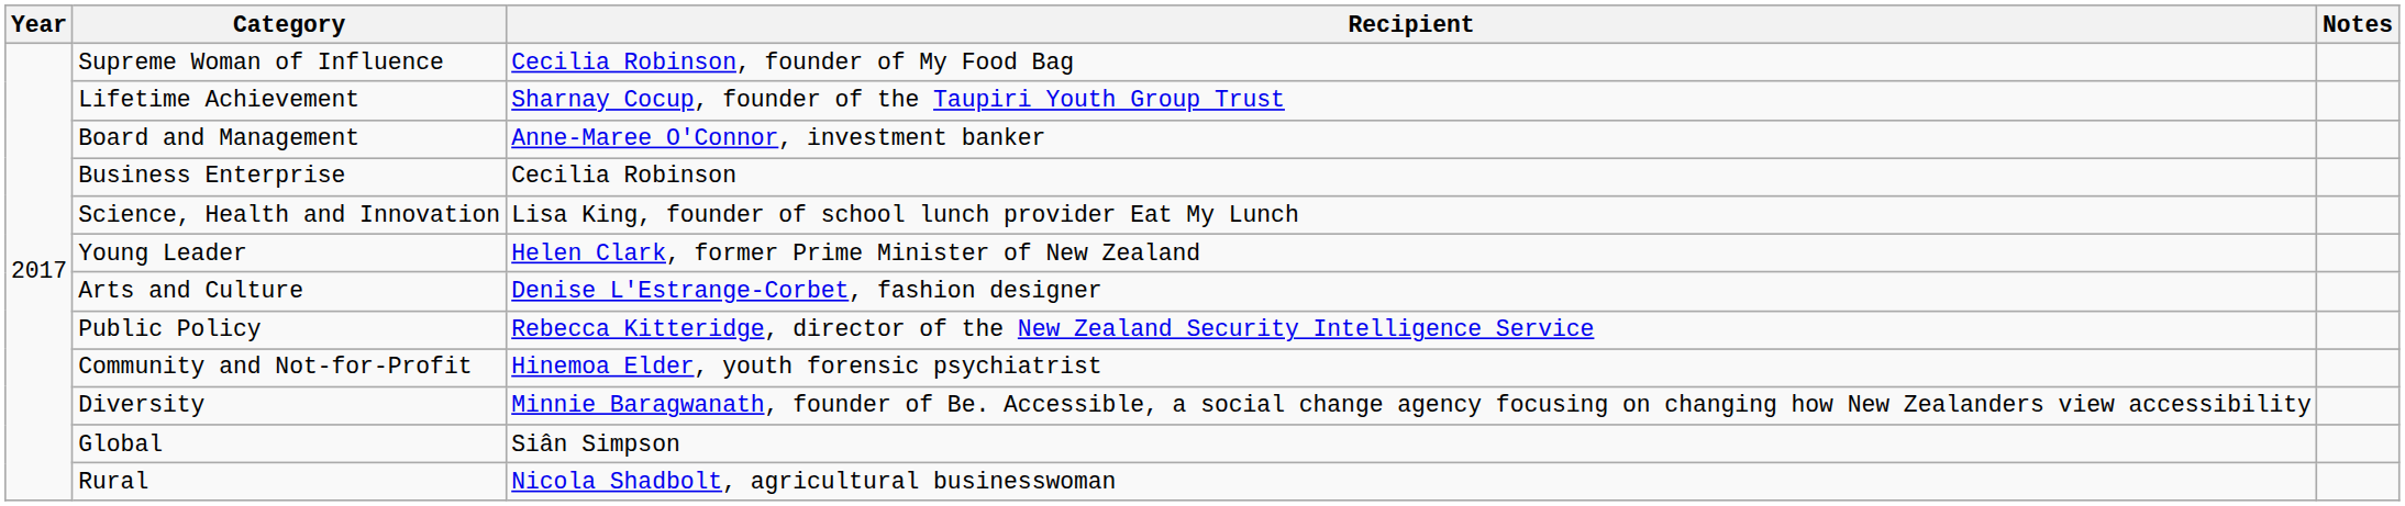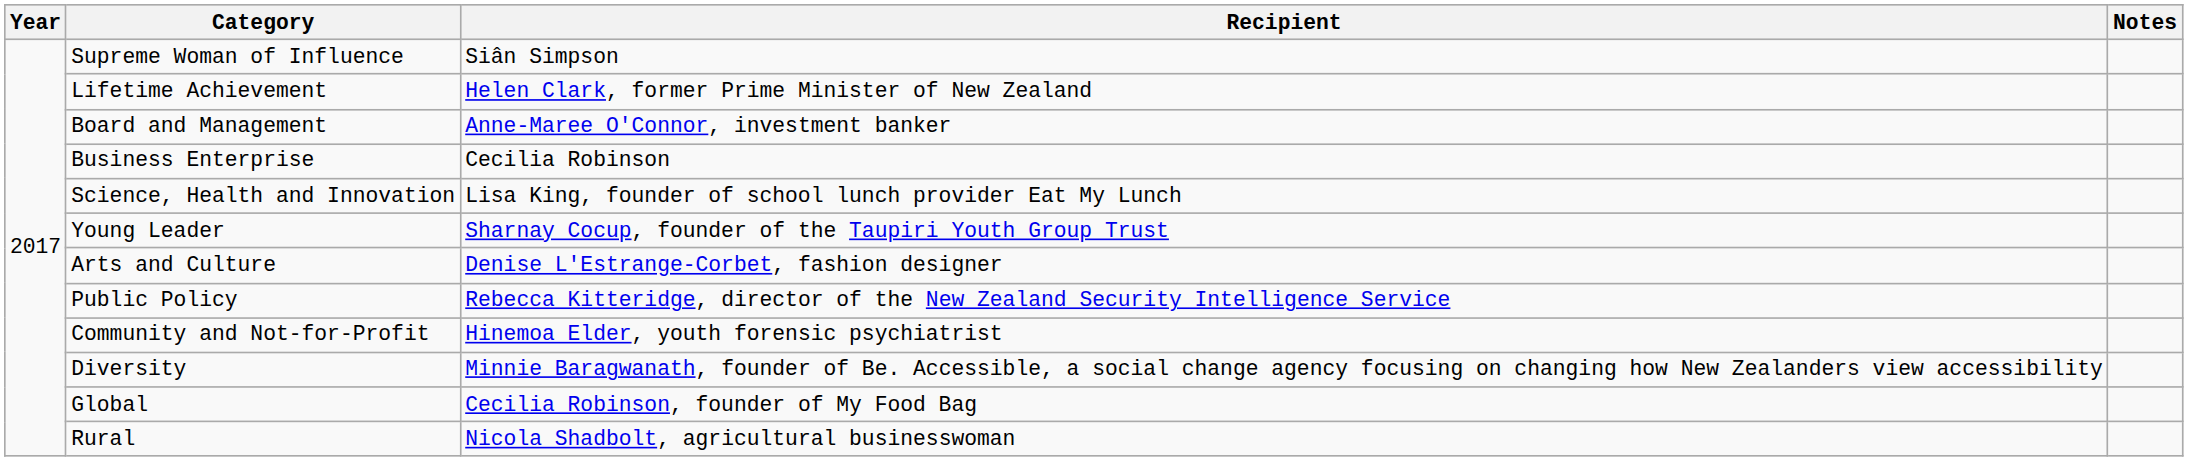 <table class="wikitable">
 <tr>
 <th>Year</th>
 <th>Category</th>
 <th>Recipient</th>
 <th>Notes</th>
 </tr>
 <tr>
 <td rowspan="12">2017</td>
 <td>Supreme Woman of Influence</td>
-<td><a href='#'>Cecilia Robinson</a>,  founder of My Food Bag</td>
+<td>Siân Simpson</td>
 <td></td>
 </tr>
 <tr>
 <td>Lifetime Achievement</td>
-<td><a href='#'>Sharnay Cocup</a>, founder of the <a href='#'>Taupiri Youth Group Trust</a></td>
+<td><a href='#'>Helen Clark</a>, former Prime Minister of New Zealand</td>
 <td></td>
 </tr>
 <tr>
 <td>Board and Management</td>
 <td><a href='#'>Anne-Maree O'Connor</a>, investment banker</td>
 <td></td>
 </tr>
 <tr>
 <td>Business Enterprise</td>
 <td>Cecilia Robinson</td>
 <td></td>
 </tr>
 <tr>
 <td>Science, Health and Innovation</td>
 <td>Lisa King, founder of school lunch provider Eat My Lunch</td>
 <td></td>
 </tr>
 <tr>
 <td>Young Leader</td>
-<td><a href='#'>Helen Clark</a>, former Prime Minister of New Zealand</td>
+<td><a href='#'>Sharnay Cocup</a>, founder of the <a href='#'>Taupiri Youth Group Trust</a></td>
 <td></td>
 </tr>
 <tr>
 <td>Arts and Culture</td>
 <td><a href='#'>Denise L'Estrange-Corbet</a>, fashion designer</td>
 <td></td>
 </tr>
 <tr>
 <td>Public Policy</td>
 <td><a href='#'>Rebecca Kitteridge</a>, director of the <a href='#'>New Zealand Security Intelligence Service</a></td>
 <td></td>
 </tr>
 <tr>
 <td>Community and Not-for-Profit</td>
 <td><a href='#'>Hinemoa Elder</a>, youth forensic psychiatrist</td>
 <td></td>
 </tr>
 <tr>
 <td>Diversity</td>
 <td><a href='#'>Minnie Baragwanath</a>, founder of Be. Accessible, a social change agency focusing on changing how New Zealanders view accessibility</td>
 <td></td>
 </tr>
 <tr>
 <td>Global</td>
-<td>Siân Simpson</td>
+<td><a href='#'>Cecilia Robinson</a>,  founder of My Food Bag</td>
 <td></td>
 </tr>
 <tr>
 <td>Rural</td>
 <td><a href='#'>Nicola Shadbolt</a>, agricultural businesswoman</td>
 <td></td>
 </tr>
 </table>
